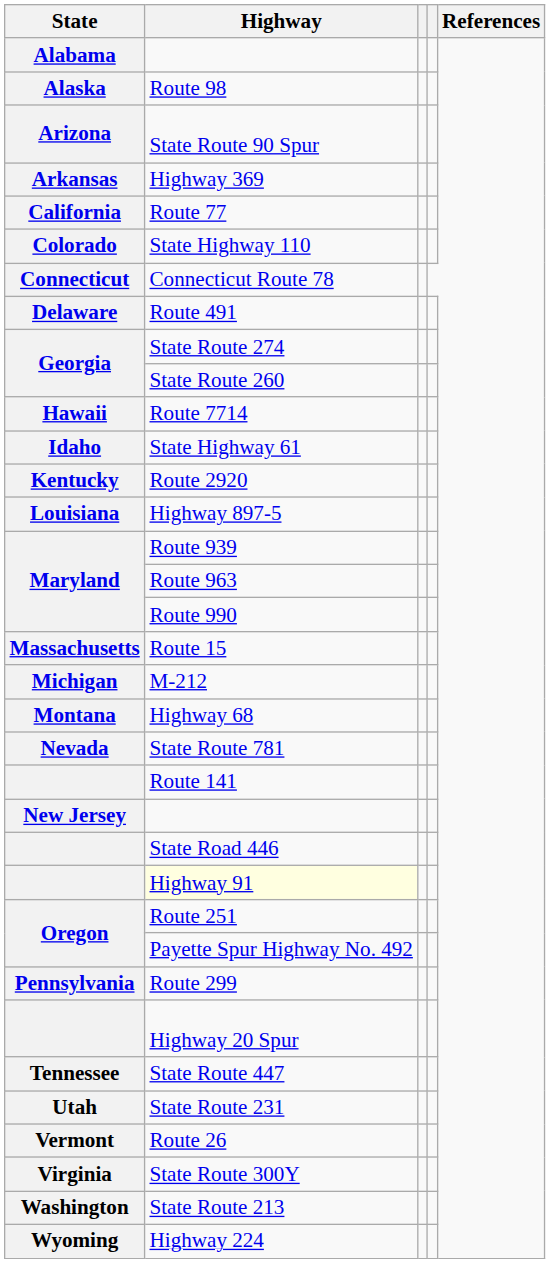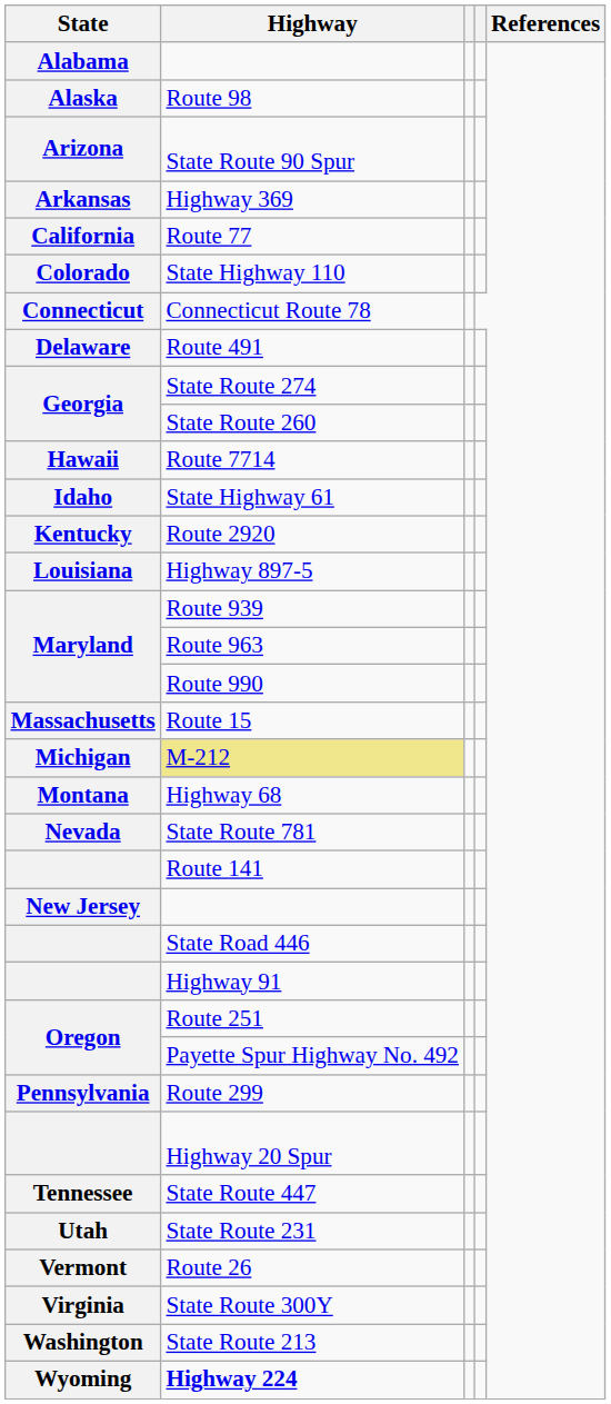 <table class="wikitable sortable plainrowheaders">
 <tr>
 <th scope="col">State</th>
 <th scope="col" class="unsortable">Highway</th>
 <th scope="col"></th>
 <th scope="col" class="unsortable"></th>
 <th scope="col" class="unsortable">References</th>
 </tr>
 <tr>
 <th scope="row"><a href='#'>Alabama</a></th>
 <td></td>
 <td></td>
 <td></td>
 </tr>
 <tr>
 <th scope="row"><a href='#'>Alaska</a></th>
 <td> <a href='#'>Route 98</a></td>
 <td></td>
 <td></td>
 </tr>
 <tr>
 <th scope="row"><a href='#'>Arizona</a></th>
 <td><span><br></span> <a href='#'>State Route 90 Spur</a></td>
 <td></td>
 <td></td>
 </tr>
 <tr>
 <th scope="row"><a href='#'>Arkansas</a></th>
 <td> <a href='#'>Highway 369</a></td>
 <td></td>
 <td></td>
 </tr>
 <tr>
 <th scope="row"><a href='#'>California</a></th>
 <td> <a href='#'>Route 77</a></td>
 <td></td>
 <td></td>
 </tr>
 <tr>
 <th scope="row"><a href='#'>Colorado</a></th>
 <td> <a href='#'>State Highway 110</a></td>
 <td></td>
 <td></td>
 </tr>
 <tr>
 <th scope="row"><a href='#'>Connecticut</a></th>
 <td> <a href='#'>Connecticut Route 78</a></td>
 <td></td>
 </tr>
 <tr>
 <th scope="row"><a href='#'>Delaware</a></th>
 <td> <a href='#'>Route 491</a></td>
 <td></td>
 <td></td>
 </tr>
 <tr>
 <th scope="row" rowspan=2><a href='#'>Georgia</a></th>
 <td> <a href='#'>State Route 274</a></td>
 <td></td>
 <td></td>
 </tr>
 <tr>
 <td> <a href='#'>State Route 260</a></td>
 <td></td>
 <td></td>
 </tr>
 <tr>
 <th scope="row"><a href='#'>Hawaii</a></th>
 <td> <a href='#'>Route 7714</a></td>
 <td></td>
 <td></td>
 </tr>
 <tr>
 <th scope="row"><a href='#'>Idaho</a></th>
 <td> <a href='#'>State Highway 61</a></td>
 <td></td>
 <td></td>
 </tr>
 <tr>
 <th scope="row"><a href='#'>Kentucky</a></th>
 <td> <a href='#'>Route 2920</a></td>
 <td></td>
 <td></td>
 </tr>
 <tr>
 <th scope="row"><a href='#'>Louisiana</a></th>
 <td> <a href='#'>Highway 897-5</a></td>
 <td></td>
 <td></td>
 </tr>
 <tr>
 <th scope="row" rowspan=3><a href='#'>Maryland</a></th>
 <td> <a href='#'>Route 939</a></td>
 <td></td>
 <td></td>
 </tr>
 <tr>
 <td> <a href='#'>Route 963</a></td>
 <td></td>
 <td></td>
 </tr>
 <tr>
 <td> <a href='#'>Route 990</a></td>
 <td></td>
 <td></td>
 </tr>
 <tr>
 <th scope="row"><a href='#'>Massachusetts</a></th>
 <td> <a href='#'>Route 15</a></td>
 <td></td>
 <td></td>
 </tr>
 <tr>
 <th scope="row"><a href='#'>Michigan</a></th>
-<td> <a href='#'>M-212</a></td>
+<td style="background: khaki;"> <a href='#'>M-212</a></td>
 <td></td>
 <td></td>
 </tr>
 <tr>
 <th scope="row"><a href='#'>Montana</a></th>
 <td> <a href='#'>Highway 68</a></td>
 <td></td>
 <td></td>
 </tr>
 <tr>
 <th scope="row"><a href='#'>Nevada</a></th>
 <td> <a href='#'>State Route 781</a></td>
 <td></td>
 <td></td>
 </tr>
 <tr>
 <th scope="row"></th>
 <td> <a href='#'>Route 141</a></td>
 <td></td>
 <td></td>
 </tr>
 <tr>
 <th scope="row"><a href='#'>New Jersey</a></th>
 <td></td>
 <td></td>
 <td></td>
 </tr>
 <tr>
 <th scope="row"></th>
 <td> <a href='#'>State Road 446</a></td>
 <td></td>
 <td></td>
 </tr>
 <tr>
 <th scope="row"></th>
-<td style="background: lightyellow;"> <a href='#'>Highway 91</a></td>
+<td> <a href='#'>Highway 91</a></td>
 <td></td>
 <td></td>
 </tr>
 <tr Ohio state route 633 .5 miles long>
 <th scope="row" rowspan=2><a href='#'>Oregon</a></th>
 <td> <a href='#'>Route 251</a></td>
 <td></td>
 <td></td>
 </tr>
 <tr>
 <td><a href='#'>Payette Spur Highway No. 492</a></td>
 <td></td>
 <td></td>
 </tr>
 <tr>
 <th scope="row"><a href='#'>Pennsylvania</a></th>
 <td> <a href='#'>Route 299</a></td>
 <td></td>
 <td></td>
 </tr>
 <tr>
 <th scope="row"></th>
 <td><span><br></span> <a href='#'>Highway 20 Spur</a></td>
 <td></td>
 <td></td>
 </tr>
 <tr>
 <th scope="row">Tennessee</th>
 <td> <a href='#'>State Route 447</a></td>
 <td></td>
 <td></td>
 </tr>
 <tr>
 <th scope="row">Utah</th>
 <td> <a href='#'>State Route 231</a></td>
 <td></td>
 <td></td>
 </tr>
 <tr>
 <th scope="row">Vermont</th>
 <td> <a href='#'>Route 26</a></td>
 <td></td>
 <td></td>
 </tr>
 <tr>
 <th scope="row">Virginia</th>
 <td><a href='#'>State Route 300Y</a></td>
 <td></td>
 <td></td>
 </tr>
 <tr>
 <th scope="row">Washington</th>
 <td> <a href='#'>State Route 213</a></td>
 <td></td>
 <td></td>
 </tr>
 <tr>
 <th scope="row">Wyoming</th>
-<td> <a href='#'>Highway 224</a></td>
+<td><strong> <a href='#'>Highway 224</a></strong></td>
 <td></td>
 <td></td>
 </tr>
 </table>
